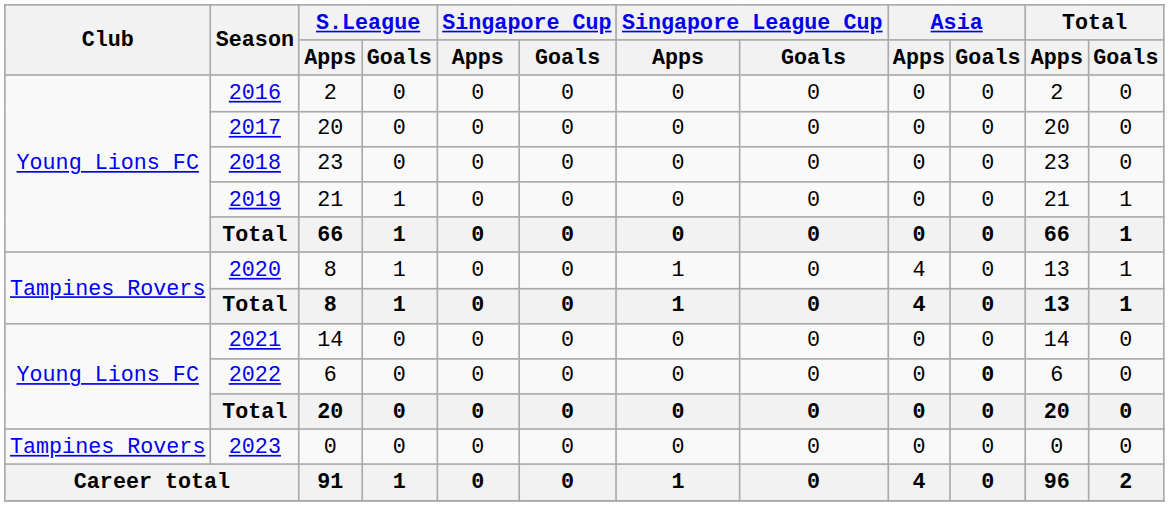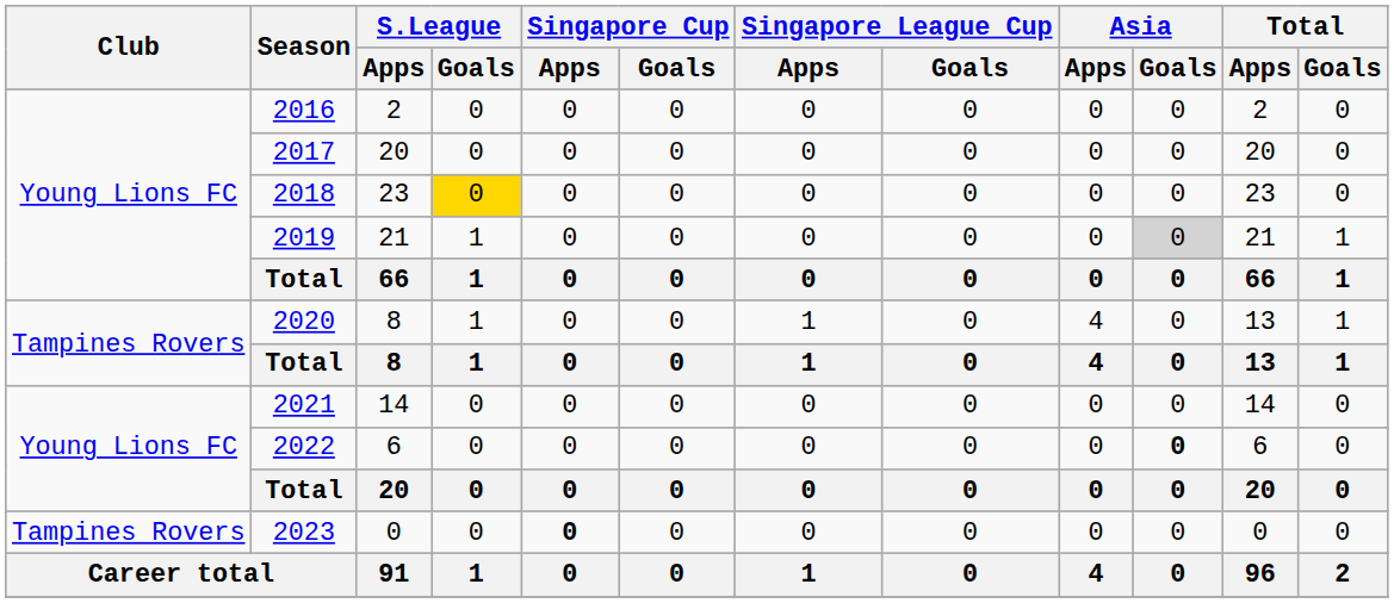 <table style="text-align:center" class="wikitable">
 <tr>
 <th rowspan="2">Club</th>
 <th rowspan="2">Season</th>
 <th colspan="2"><a href='#'>S.League</a></th>
 <th colspan="2"><a href='#'>Singapore Cup</a></th>
 <th colspan="2"><a href='#'>Singapore League Cup</a></th>
 <th colspan="2"><a href='#'>Asia</a></th>
 <th colspan="2">Total</th>
 </tr>
 <tr>
 <th>Apps</th>
 <th>Goals</th>
 <th>Apps</th>
 <th>Goals</th>
 <th>Apps</th>
 <th>Goals</th>
 <th>Apps</th>
 <th>Goals</th>
 <th>Apps</th>
 <th>Goals</th>
 </tr>
 <tr>
 <td rowspan="5"><a href='#'>Young Lions FC</a></td>
 <td><a href='#'>2016</a></td>
 <td>2</td>
 <td>0</td>
 <td>0</td>
 <td>0</td>
 <td>0</td>
 <td>0</td>
 <td>0</td>
 <td>0</td>
 <td>2</td>
 <td>0</td>
 </tr>
 <tr>
 <td><a href='#'>2017</a></td>
 <td>20</td>
 <td>0</td>
 <td>0</td>
 <td>0</td>
 <td>0</td>
 <td>0</td>
 <td>0</td>
 <td>0</td>
 <td>20</td>
 <td>0</td>
 </tr>
 <tr>
 <td><a href='#'>2018</a></td>
 <td>23</td>
-<td>0</td>
+<td style="background: gold;">0</td>
 <td>0</td>
 <td>0</td>
 <td>0</td>
 <td>0</td>
 <td>0</td>
 <td>0</td>
 <td>23</td>
 <td>0</td>
 </tr>
 <tr>
 <td><a href='#'>2019</a></td>
 <td>21</td>
 <td>1</td>
 <td>0</td>
 <td>0</td>
 <td>0</td>
 <td>0</td>
 <td>0</td>
-<td>0</td>
+<td style="background: lightgrey;">0</td>
 <td>21</td>
 <td>1</td>
 </tr>
 <tr>
 <th>Total</th>
 <th>66</th>
 <th>1</th>
 <th>0</th>
 <th>0</th>
 <th>0</th>
 <th>0</th>
 <th>0</th>
 <th>0</th>
 <th>66</th>
 <th>1</th>
 </tr>
 <tr>
 <td rowspan="2"><a href='#'>Tampines Rovers</a></td>
 <td><a href='#'>2020</a></td>
 <td>8</td>
 <td>1</td>
 <td>0</td>
 <td>0</td>
 <td>1</td>
 <td>0</td>
 <td>4</td>
 <td>0</td>
 <td>13</td>
 <td>1</td>
 </tr>
 <tr>
 <th>Total</th>
 <th>8</th>
 <th>1</th>
 <th>0</th>
 <th>0</th>
 <th>1</th>
 <th>0</th>
 <th>4</th>
 <th>0</th>
 <th>13</th>
 <th>1</th>
 </tr>
 <tr>
 <td rowspan="3"><a href='#'>Young Lions FC</a></td>
 <td><a href='#'>2021</a></td>
 <td>14</td>
 <td>0</td>
 <td>0</td>
 <td>0</td>
 <td>0</td>
 <td>0</td>
 <td>0</td>
 <td>0</td>
 <td>14</td>
 <td>0</td>
 </tr>
 <tr>
 <td><a href='#'>2022</a></td>
 <td>6</td>
 <td>0</td>
 <td>0</td>
 <td>0</td>
 <td>0</td>
 <td>0</td>
 <td>0</td>
 <td><strong>0</strong></td>
 <td>6</td>
 <td>0</td>
 </tr>
 <tr>
 <th>Total</th>
 <th>20</th>
 <th>0</th>
 <th>0</th>
 <th>0</th>
 <th>0</th>
 <th>0</th>
 <th>0</th>
 <th>0</th>
 <th>20</th>
 <th>0</th>
 </tr>
 <tr>
 <td><a href='#'>Tampines Rovers</a></td>
 <td><a href='#'>2023</a></td>
 <td>0</td>
 <td>0</td>
-<td>0</td>
+<td><strong>0</strong></td>
 <td>0</td>
 <td>0</td>
 <td>0</td>
 <td>0</td>
 <td>0</td>
 <td>0</td>
 <td>0</td>
 </tr>
 <tr>
 <th colspan="2">Career total</th>
 <th>91</th>
 <th>1</th>
 <th>0</th>
 <th>0</th>
 <th>1</th>
 <th>0</th>
 <th>4</th>
 <th>0</th>
 <th>96</th>
 <th>2</th>
 </tr>
 <tr>
 </tr>
 </table>
